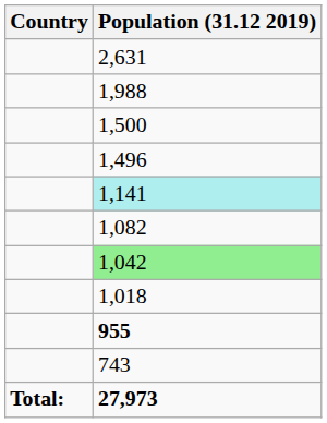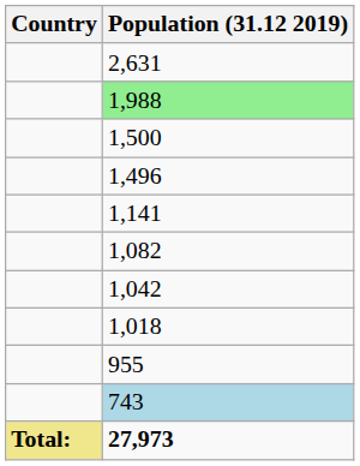 <table class="wikitable">
 <tr>
 <th>Country</th>
 <th>Population (31.12 2019)</th>
 </tr>
 <tr>
 <td></td>
 <td>2,631</td>
 </tr>
 <tr>
 <td></td>
-<td>1,988</td>
+<td style="background: lightgreen;">1,988</td>
 </tr>
 <tr>
 <td></td>
 <td>1,500</td>
 </tr>
 <tr>
 <td></td>
 <td>1,496</td>
 </tr>
 <tr>
 <td></td>
-<td style="background: paleturquoise;">1,141</td>
+<td>1,141</td>
 </tr>
 <tr>
 <td></td>
 <td>1,082</td>
 </tr>
 <tr>
 <td></td>
-<td style="background: lightgreen;">1,042</td>
+<td>1,042</td>
 </tr>
 <tr>
 <td></td>
 <td>1,018</td>
 </tr>
 <tr>
 <td></td>
-<td><strong>955</strong></td>
+<td>955</td>
 </tr>
 <tr>
 <td></td>
-<td>743</td>
+<td style="background: lightblue;">743</td>
 </tr>
 <tr>
-<td><strong>Total:</strong></td>
+<td style="background: khaki;"><strong>Total:</strong></td>
 <td><strong>27,973</strong></td>
 </tr>
 </table>
